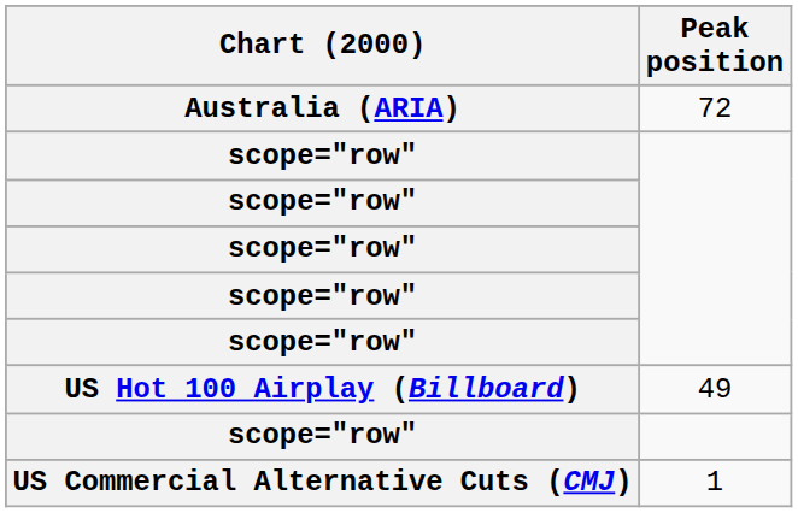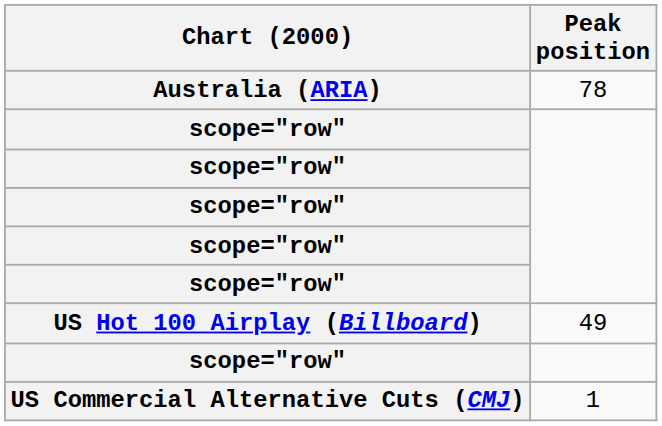 <table class="wikitable sortable plainrowheaders" style="text-align:center">
 <tr>
 <th scope="col">Chart (2000)</th>
 <th scope="col">Peak<br>position</th>
 </tr>
 <tr>
 <th scope="row">Australia (<a href='#'>ARIA</a>)</th>
-<td>72</td>
+<td>78</td>
 </tr>
 <tr>
 <th>scope="row"</th>
 </tr>
 <tr>
 <th>scope="row"</th>
 </tr>
 <tr>
 <th>scope="row"</th>
 </tr>
 <tr>
 <th>scope="row"</th>
 </tr>
 <tr>
 <th>scope="row"</th>
 </tr>
 <tr>
 <th scope="row">US <a href='#'>Hot 100 Airplay</a> (<em><a href='#'>Billboard</a></em>)</th>
 <td>49</td>
 </tr>
 <tr>
 <th>scope="row"</th>
 </tr>
 <tr>
 <th scope="row">US Commercial Alternative Cuts (<em><a href='#'>CMJ</a></em>)</th>
 <td>1</td>
 </tr>
 </table>
